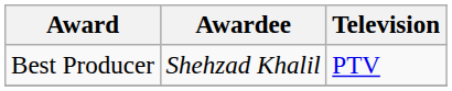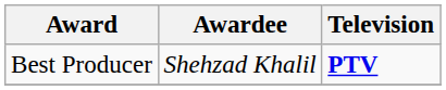 <table class="wikitable">
 <tr>
 <th>Award</th>
 <th>Awardee</th>
 <th>Television</th>
 </tr>
 <tr>
 <td>Best Producer</td>
 <td><em>Shehzad Khalil</em></td>
-<td><a href='#'>PTV</a></td>
+<td><strong><a href='#'>PTV</a></strong></td>
 </tr>
 <tr>
 </tr>
 </table>
